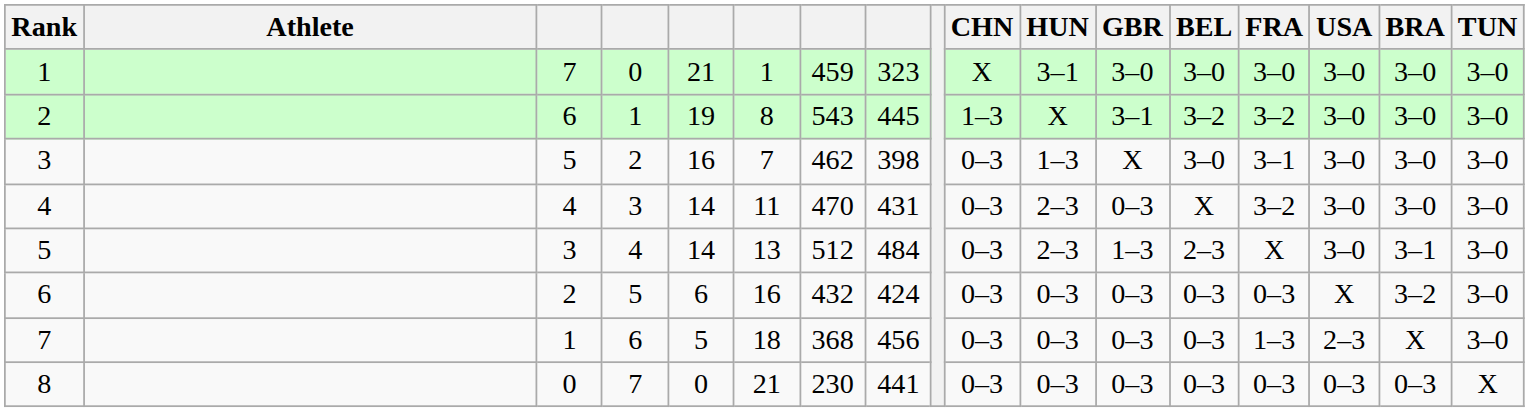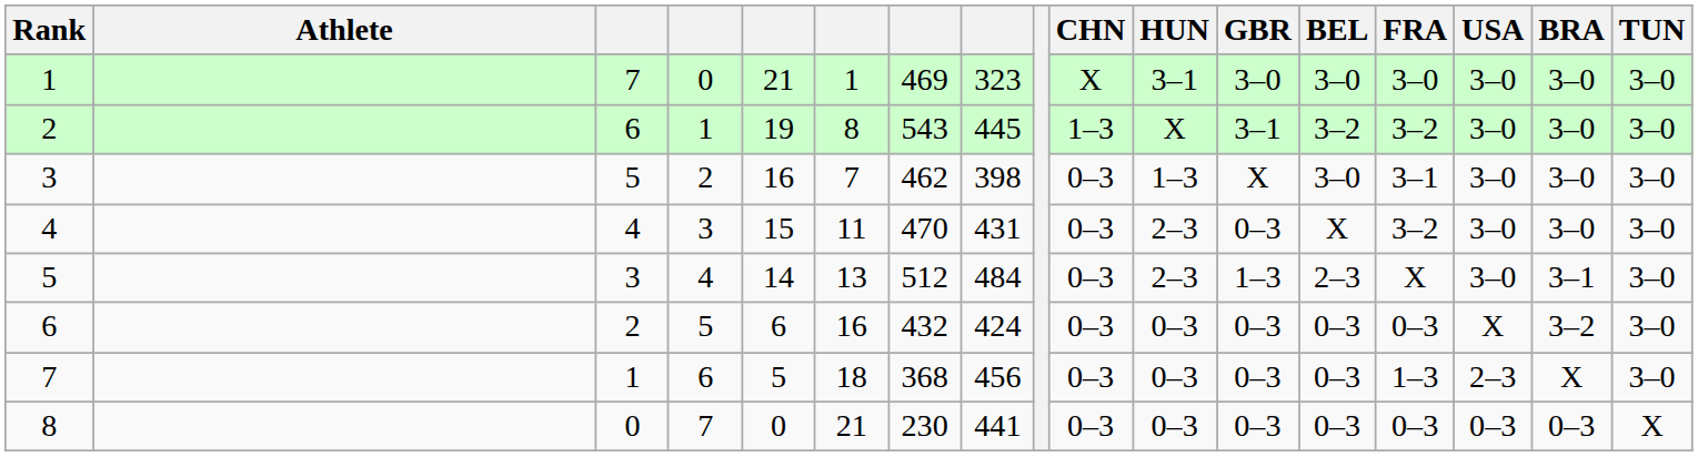 <table class="wikitable" style="text-align:center">
 <tr>
 <th>Rank</th>
 <th width=250>Athlete</th>
 <th width=30></th>
 <th width=30></th>
 <th width=30></th>
 <th width=30></th>
 <th width=30></th>
 <th width=30></th>
 <th rowspan=9></th>
 <th width=30>CHN</th>
 <th width=30>HUN</th>
 <th width=30>GBR</th>
 <th width=30>BEL</th>
 <th width=30>FRA</th>
 <th width=30>USA</th>
 <th width=30>BRA</th>
 <th width=30>TUN</th>
 </tr>
 <tr style="background-color:#ccffcc;">
 <td>1</td>
 <td align=left></td>
 <td>7</td>
 <td>0</td>
 <td>21</td>
 <td>1</td>
-<td>459</td>
+<td>469</td>
 <td>323</td>
 <td>X</td>
 <td>3–1</td>
 <td>3–0</td>
 <td>3–0</td>
 <td>3–0</td>
 <td>3–0</td>
 <td>3–0</td>
 <td>3–0</td>
 </tr>
 <tr style="background-color:#ccffcc;">
 <td>2</td>
 <td align=left></td>
 <td>6</td>
 <td>1</td>
 <td>19</td>
 <td>8</td>
 <td>543</td>
 <td>445</td>
 <td>1–3</td>
 <td>X</td>
 <td>3–1</td>
 <td>3–2</td>
 <td>3–2</td>
 <td>3–0</td>
 <td>3–0</td>
 <td>3–0</td>
 </tr>
 <tr>
 <td>3</td>
 <td align=left></td>
 <td>5</td>
 <td>2</td>
 <td>16</td>
 <td>7</td>
 <td>462</td>
 <td>398</td>
 <td>0–3</td>
 <td>1–3</td>
 <td>X</td>
 <td>3–0</td>
 <td>3–1</td>
 <td>3–0</td>
 <td>3–0</td>
 <td>3–0</td>
 </tr>
 <tr>
 <td>4</td>
 <td align=left></td>
 <td>4</td>
 <td>3</td>
-<td>14</td>
+<td>15</td>
 <td>11</td>
 <td>470</td>
 <td>431</td>
 <td>0–3</td>
 <td>2–3</td>
 <td>0–3</td>
 <td>X</td>
 <td>3–2</td>
 <td>3–0</td>
 <td>3–0</td>
 <td>3–0</td>
 </tr>
 <tr>
 <td>5</td>
 <td align=left></td>
 <td>3</td>
 <td>4</td>
 <td>14</td>
 <td>13</td>
 <td>512</td>
 <td>484</td>
 <td>0–3</td>
 <td>2–3</td>
 <td>1–3</td>
 <td>2–3</td>
 <td>X</td>
 <td>3–0</td>
 <td>3–1</td>
 <td>3–0</td>
 </tr>
 <tr>
 <td>6</td>
 <td align=left></td>
 <td>2</td>
 <td>5</td>
 <td>6</td>
 <td>16</td>
 <td>432</td>
 <td>424</td>
 <td>0–3</td>
 <td>0–3</td>
 <td>0–3</td>
 <td>0–3</td>
 <td>0–3</td>
 <td>X</td>
 <td>3–2</td>
 <td>3–0</td>
 </tr>
 <tr>
 <td>7</td>
 <td align=left></td>
 <td>1</td>
 <td>6</td>
 <td>5</td>
 <td>18</td>
 <td>368</td>
 <td>456</td>
 <td>0–3</td>
 <td>0–3</td>
 <td>0–3</td>
 <td>0–3</td>
 <td>1–3</td>
 <td>2–3</td>
 <td>X</td>
 <td>3–0</td>
 </tr>
 <tr>
 <td>8</td>
 <td align=left></td>
 <td>0</td>
 <td>7</td>
 <td>0</td>
 <td>21</td>
 <td>230</td>
 <td>441</td>
 <td>0–3</td>
 <td>0–3</td>
 <td>0–3</td>
 <td>0–3</td>
 <td>0–3</td>
 <td>0–3</td>
 <td>0–3</td>
 <td>X</td>
 </tr>
 </table>
